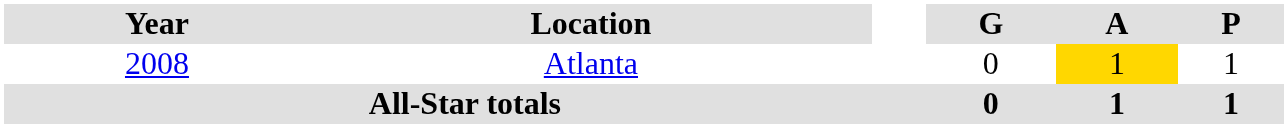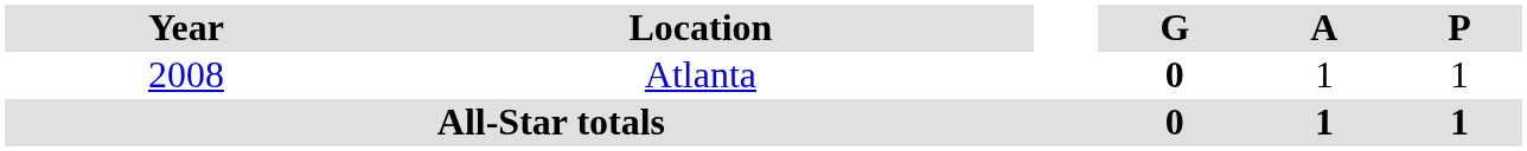 <table border="0" cellpadding="1" cellspacing="0" style="text-align:center; width:40em">
 <tr style="background:#e0e0e0;">
 <th>Year</th>
 <th>Location</th>
 <th rowspan="99" style="background:#fff;"> </th>
 <th>G</th>
 <th>A</th>
 <th>P</th>
 </tr>
 <tr>
 <td><a href='#'>2008</a></td>
 <td><a href='#'>Atlanta</a></td>
-<td>0</td>
-<td style="background: gold;">1</td>
+<td><strong>0</strong></td>
+<td>1</td>
 <td>1</td>
 </tr>
 <tr style="background:#e0e0e0;">
 <th colspan="3">All-Star totals</th>
 <th>0</th>
 <th>1</th>
 <th>1</th>
 </tr>
 </table>
